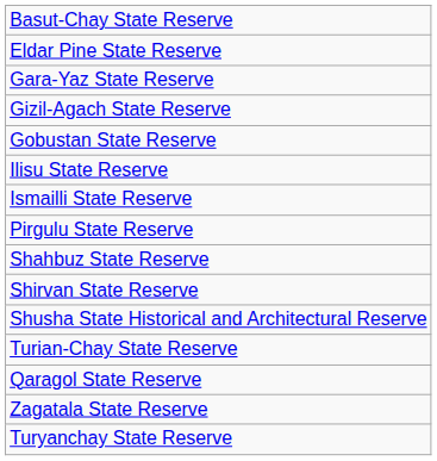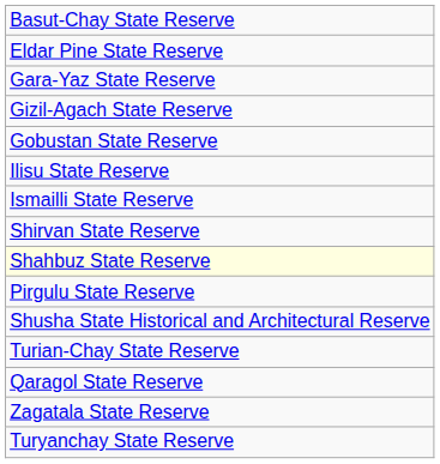 <table class="wikitable">
 <tr>
 <td><a href='#'>Basut-Chay State Reserve</a></td>
 </tr>
 <tr>
 <td><a href='#'>Eldar Pine State Reserve</a></td>
 </tr>
 <tr>
 <td><a href='#'>Gara-Yaz State Reserve</a></td>
 </tr>
 <tr>
 <td><a href='#'>Gizil-Agach State Reserve</a></td>
 </tr>
 <tr>
 <td><a href='#'>Gobustan State Reserve</a></td>
 </tr>
 <tr>
 <td><a href='#'>Ilisu State Reserve</a></td>
 </tr>
 <tr>
 <td><a href='#'>Ismailli State Reserve</a></td>
 </tr>
 <tr>
-<td><a href='#'>Pirgulu State Reserve</a></td>
+<td><a href='#'>Shirvan State Reserve</a></td>
 </tr>
 <tr>
-<td><a href='#'>Shahbuz State Reserve</a></td>
+<td style="background: lightyellow;"><a href='#'>Shahbuz State Reserve</a></td>
 </tr>
 <tr>
-<td><a href='#'>Shirvan State Reserve</a></td>
+<td><a href='#'>Pirgulu State Reserve</a></td>
 </tr>
 <tr>
 <td><a href='#'>Shusha State Historical and Architectural Reserve</a></td>
 </tr>
 <tr>
 <td><a href='#'>Turian-Chay State Reserve</a></td>
 </tr>
 <tr>
 <td><a href='#'>Qaragol State Reserve</a></td>
 </tr>
 <tr>
 <td><a href='#'>Zagatala State Reserve</a></td>
 </tr>
 <tr>
 <td><a href='#'>Turyanchay State Reserve</a></td>
 </tr>
 </table>
